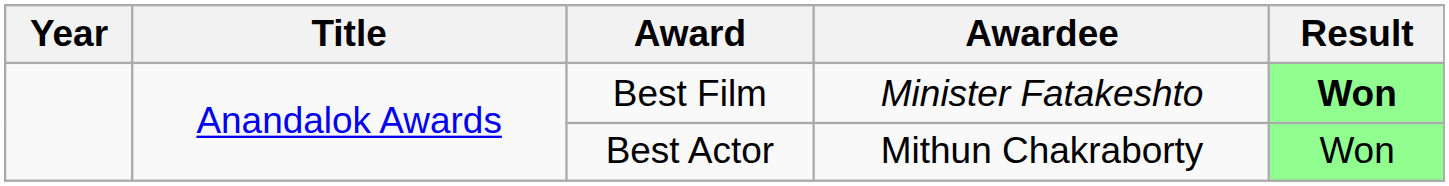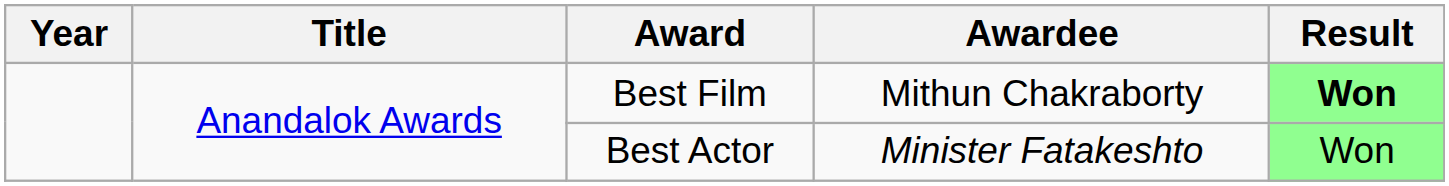 <table class="wikitable"  style="text-align:center; width:100%;">
 <tr>
 <th>Year</th>
 <th>Title</th>
 <th>Award</th>
 <th>Awardee</th>
 <th>Result</th>
 </tr>
 <tr>
 <td rowspan="2"></td>
 <td rowspan="5"><a href='#'>Anandalok Awards</a></td>
 <td>Best Film</td>
-<td><em>Minister Fatakeshto</em></td>
+<td>Mithun Chakraborty</td>
 <td style="background:#90ff90"><strong>Won</strong></td>
 </tr>
 <tr>
 <td>Best Actor</td>
-<td>Mithun Chakraborty</td>
+<td><em>Minister Fatakeshto</em></td>
 <td style="background:#90ff90">Won</td>
 </tr>
 </table>
